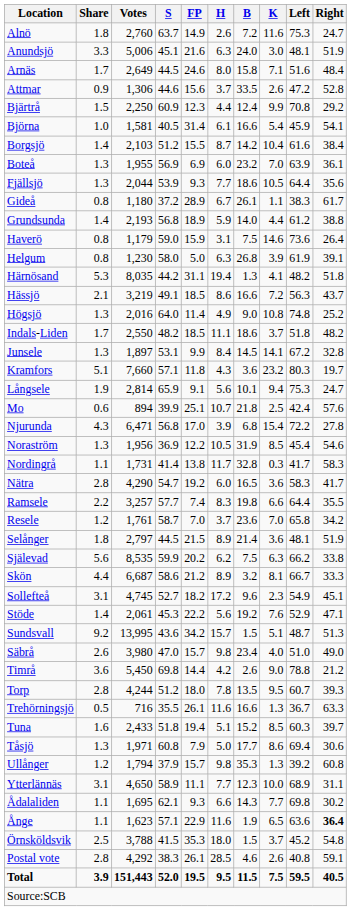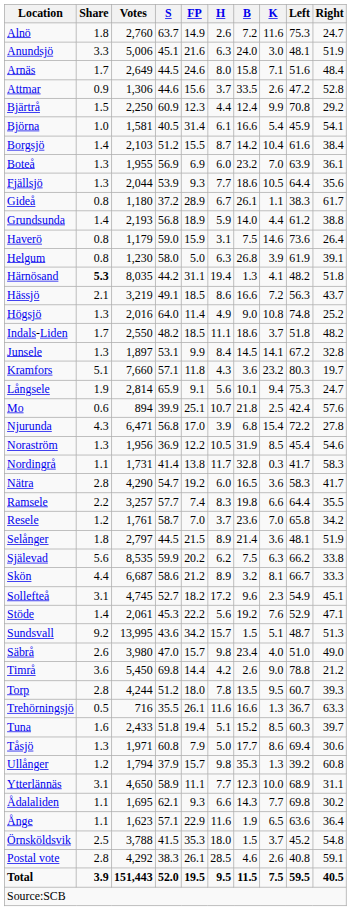 <table class="wikitable sortable" style=text-align:right>
 <tr>
 <th>Location</th>
 <th>Share</th>
 <th>Votes</th>
 <th><a href='#'>S</a></th>
 <th><a href='#'>FP</a></th>
 <th><a href='#'>H</a></th>
 <th><a href='#'>B</a></th>
 <th><a href='#'>K</a></th>
 <th>Left</th>
 <th>Right</th>
 </tr>
 <tr>
 <td align=left><a href='#'>Alnö</a></td>
 <td>1.8</td>
 <td>2,760</td>
 <td>63.7</td>
 <td>14.9</td>
 <td>2.6</td>
 <td>7.2</td>
 <td>11.6</td>
 <td>75.3</td>
 <td>24.7</td>
 </tr>
 <tr>
 <td align=left><a href='#'>Anundsjö</a></td>
 <td>3.3</td>
 <td>5,006</td>
 <td>45.1</td>
 <td>21.6</td>
 <td>6.3</td>
 <td>24.0</td>
 <td>3.0</td>
 <td>48.1</td>
 <td>51.9</td>
 </tr>
 <tr>
 <td align=left><a href='#'>Arnäs</a></td>
 <td>1.7</td>
 <td>2,649</td>
 <td>44.5</td>
 <td>24.6</td>
 <td>8.0</td>
 <td>15.8</td>
 <td>7.1</td>
 <td>51.6</td>
 <td>48.4</td>
 </tr>
 <tr>
 <td align=left><a href='#'>Attmar</a></td>
 <td>0.9</td>
 <td>1,306</td>
 <td>44.6</td>
 <td>15.6</td>
 <td>3.7</td>
 <td>33.5</td>
 <td>2.6</td>
 <td>47.2</td>
 <td>52.8</td>
 </tr>
 <tr>
 <td align=left><a href='#'>Bjärtrå</a></td>
 <td>1.5</td>
 <td>2,250</td>
 <td>60.9</td>
 <td>12.3</td>
 <td>4.4</td>
 <td>12.4</td>
 <td>9.9</td>
 <td>70.8</td>
 <td>29.2</td>
 </tr>
 <tr>
 <td align=left><a href='#'>Björna</a></td>
 <td>1.0</td>
 <td>1,581</td>
 <td>40.5</td>
 <td>31.4</td>
 <td>6.1</td>
 <td>16.6</td>
 <td>5.4</td>
 <td>45.9</td>
 <td>54.1</td>
 </tr>
 <tr>
 <td align=left><a href='#'>Borgsjö</a></td>
 <td>1.4</td>
 <td>2,103</td>
 <td>51.2</td>
 <td>15.5</td>
 <td>8.7</td>
 <td>14.2</td>
 <td>10.4</td>
 <td>61.6</td>
 <td>38.4</td>
 </tr>
 <tr>
 <td align=left><a href='#'>Boteå</a></td>
 <td>1.3</td>
 <td>1,955</td>
 <td>56.9</td>
 <td>6.9</td>
 <td>6.0</td>
 <td>23.2</td>
 <td>7.0</td>
 <td>63.9</td>
 <td>36.1</td>
 </tr>
 <tr>
 <td align=left><a href='#'>Fjällsjö</a></td>
 <td>1.3</td>
 <td>2,044</td>
 <td>53.9</td>
 <td>9.3</td>
 <td>7.7</td>
 <td>18.6</td>
 <td>10.5</td>
 <td>64.4</td>
 <td>35.6</td>
 </tr>
 <tr>
 <td align=left><a href='#'>Gideå</a></td>
 <td>0.8</td>
 <td>1,180</td>
 <td>37.2</td>
 <td>28.9</td>
 <td>6.7</td>
 <td>26.1</td>
 <td>1.1</td>
 <td>38.3</td>
 <td>61.7</td>
 </tr>
 <tr>
 <td align=left><a href='#'>Grundsunda</a></td>
 <td>1.4</td>
 <td>2,193</td>
 <td>56.8</td>
 <td>18.9</td>
 <td>5.9</td>
 <td>14.0</td>
 <td>4.4</td>
 <td>61.2</td>
 <td>38.8</td>
 </tr>
 <tr>
 <td align=left><a href='#'>Haverö</a></td>
 <td>0.8</td>
 <td>1,179</td>
 <td>59.0</td>
 <td>15.9</td>
 <td>3.1</td>
 <td>7.5</td>
 <td>14.6</td>
 <td>73.6</td>
 <td>26.4</td>
 </tr>
 <tr>
 <td align=left><a href='#'>Helgum</a></td>
 <td>0.8</td>
 <td>1,230</td>
 <td>58.0</td>
 <td>5.0</td>
 <td>6.3</td>
 <td>26.8</td>
 <td>3.9</td>
 <td>61.9</td>
 <td>39.1</td>
 </tr>
 <tr>
 <td align=left><a href='#'>Härnösand</a></td>
-<td>5.3</td>
+<td><strong>5.3</strong></td>
 <td>8,035</td>
 <td>44.2</td>
 <td>31.1</td>
 <td>19.4</td>
 <td>1.3</td>
 <td>4.1</td>
 <td>48.2</td>
 <td>51.8</td>
 </tr>
 <tr>
 <td align=left><a href='#'>Hässjö</a></td>
 <td>2.1</td>
 <td>3,219</td>
 <td>49.1</td>
 <td>18.5</td>
 <td>8.6</td>
 <td>16.6</td>
 <td>7.2</td>
 <td>56.3</td>
 <td>43.7</td>
 </tr>
 <tr>
 <td align=left><a href='#'>Högsjö</a></td>
 <td>1.3</td>
 <td>2,016</td>
 <td>64.0</td>
 <td>11.4</td>
 <td>4.9</td>
 <td>9.0</td>
 <td>10.8</td>
 <td>74.8</td>
 <td>25.2</td>
 </tr>
 <tr>
 <td align=left><a href='#'>Indals</a>-<a href='#'>Liden</a></td>
 <td>1.7</td>
 <td>2,550</td>
 <td>48.2</td>
 <td>18.5</td>
 <td>11.1</td>
 <td>18.6</td>
 <td>3.7</td>
 <td>51.8</td>
 <td>48.2</td>
 </tr>
 <tr>
 <td align=left><a href='#'>Junsele</a></td>
 <td>1.3</td>
 <td>1,897</td>
 <td>53.1</td>
 <td>9.9</td>
 <td>8.4</td>
 <td>14.5</td>
 <td>14.1</td>
 <td>67.2</td>
 <td>32.8</td>
 </tr>
 <tr>
 <td align=left><a href='#'>Kramfors</a></td>
 <td>5.1</td>
 <td>7,660</td>
 <td>57.1</td>
 <td>11.8</td>
 <td>4.3</td>
 <td>3.6</td>
 <td>23.2</td>
 <td>80.3</td>
 <td>19.7</td>
 </tr>
 <tr>
 <td align=left><a href='#'>Långsele</a></td>
 <td>1.9</td>
 <td>2,814</td>
 <td>65.9</td>
 <td>9.1</td>
 <td>5.6</td>
 <td>10.1</td>
 <td>9.4</td>
 <td>75.3</td>
 <td>24.7</td>
 </tr>
 <tr>
 <td align=left><a href='#'>Mo</a></td>
 <td>0.6</td>
 <td>894</td>
 <td>39.9</td>
 <td>25.1</td>
 <td>10.7</td>
 <td>21.8</td>
 <td>2.5</td>
 <td>42.4</td>
 <td>57.6</td>
 </tr>
 <tr>
 <td align=left><a href='#'>Njurunda</a></td>
 <td>4.3</td>
 <td>6,471</td>
 <td>56.8</td>
 <td>17.0</td>
 <td>3.9</td>
 <td>6.8</td>
 <td>15.4</td>
 <td>72.2</td>
 <td>27.8</td>
 </tr>
 <tr>
 <td align=left><a href='#'>Noraström</a></td>
 <td>1.3</td>
 <td>1,956</td>
 <td>36.9</td>
 <td>12.2</td>
 <td>10.5</td>
 <td>31.9</td>
 <td>8.5</td>
 <td>45.4</td>
 <td>54.6</td>
 </tr>
 <tr>
 <td align=left><a href='#'>Nordingrå</a></td>
 <td>1.1</td>
 <td>1,731</td>
 <td>41.4</td>
 <td>13.8</td>
 <td>11.7</td>
 <td>32.8</td>
 <td>0.3</td>
 <td>41.7</td>
 <td>58.3</td>
 </tr>
 <tr>
 <td align=left><a href='#'>Nätra</a></td>
 <td>2.8</td>
 <td>4,290</td>
 <td>54.7</td>
 <td>19.2</td>
 <td>6.0</td>
 <td>16.5</td>
 <td>3.6</td>
 <td>58.3</td>
 <td>41.7</td>
 </tr>
 <tr>
 <td align=left><a href='#'>Ramsele</a></td>
 <td>2.2</td>
 <td>3,257</td>
 <td>57.7</td>
 <td>7.4</td>
 <td>8.3</td>
 <td>19.8</td>
 <td>6.6</td>
 <td>64.4</td>
 <td>35.5</td>
 </tr>
 <tr>
 <td align=left><a href='#'>Resele</a></td>
 <td>1.2</td>
 <td>1,761</td>
 <td>58.7</td>
 <td>7.0</td>
 <td>3.7</td>
 <td>23.6</td>
 <td>7.0</td>
 <td>65.8</td>
 <td>34.2</td>
 </tr>
 <tr>
 <td align=left><a href='#'>Selånger</a></td>
 <td>1.8</td>
 <td>2,797</td>
 <td>44.5</td>
 <td>21.5</td>
 <td>8.9</td>
 <td>21.4</td>
 <td>3.6</td>
 <td>48.1</td>
 <td>51.9</td>
 </tr>
 <tr>
 <td align=left><a href='#'>Själevad</a></td>
 <td>5.6</td>
 <td>8,535</td>
 <td>59.9</td>
 <td>20.2</td>
 <td>6.2</td>
 <td>7.5</td>
 <td>6.3</td>
 <td>66.2</td>
 <td>33.8</td>
 </tr>
 <tr>
 <td align=left><a href='#'>Skön</a></td>
 <td>4.4</td>
 <td>6,687</td>
 <td>58.6</td>
 <td>21.2</td>
 <td>8.9</td>
 <td>3.2</td>
 <td>8.1</td>
 <td>66.7</td>
 <td>33.3</td>
 </tr>
 <tr>
 <td align=left><a href='#'>Sollefteå</a></td>
 <td>3.1</td>
 <td>4,745</td>
 <td>52.7</td>
 <td>18.2</td>
 <td>17.2</td>
 <td>9.6</td>
 <td>2.3</td>
 <td>54.9</td>
 <td>45.1</td>
 </tr>
 <tr>
 <td align=left><a href='#'>Stöde</a></td>
 <td>1.4</td>
 <td>2,061</td>
 <td>45.3</td>
 <td>22.2</td>
 <td>5.6</td>
 <td>19.2</td>
 <td>7.6</td>
 <td>52.9</td>
 <td>47.1</td>
 </tr>
 <tr>
 <td align=left><a href='#'>Sundsvall</a></td>
 <td>9.2</td>
 <td>13,995</td>
 <td>43.6</td>
 <td>34.2</td>
 <td>15.7</td>
 <td>1.5</td>
 <td>5.1</td>
 <td>48.7</td>
 <td>51.3</td>
 </tr>
 <tr>
 <td align=left><a href='#'>Säbrå</a></td>
 <td>2.6</td>
 <td>3,980</td>
 <td>47.0</td>
 <td>15.7</td>
 <td>9.8</td>
 <td>23.4</td>
 <td>4.0</td>
 <td>51.0</td>
 <td>49.0</td>
 </tr>
 <tr>
 <td align=left><a href='#'>Timrå</a></td>
 <td>3.6</td>
 <td>5,450</td>
 <td>69.8</td>
 <td>14.4</td>
 <td>4.2</td>
 <td>2.6</td>
 <td>9.0</td>
 <td>78.8</td>
 <td>21.2</td>
 </tr>
 <tr>
 <td align=left><a href='#'>Torp</a></td>
 <td>2.8</td>
 <td>4,244</td>
 <td>51.2</td>
 <td>18.0</td>
 <td>7.8</td>
 <td>13.5</td>
 <td>9.5</td>
 <td>60.7</td>
 <td>39.3</td>
 </tr>
 <tr>
 <td align=left><a href='#'>Trehörningsjö</a></td>
 <td>0.5</td>
 <td>716</td>
 <td>35.5</td>
 <td>26.1</td>
 <td>11.6</td>
 <td>16.6</td>
 <td>1.3</td>
 <td>36.7</td>
 <td>63.3</td>
 </tr>
 <tr>
 <td align=left><a href='#'>Tuna</a></td>
 <td>1.6</td>
 <td>2,433</td>
 <td>51.8</td>
 <td>19.4</td>
 <td>5.1</td>
 <td>15.2</td>
 <td>8.5</td>
 <td>60.3</td>
 <td>39.7</td>
 </tr>
 <tr>
 <td align=left><a href='#'>Tåsjö</a></td>
 <td>1.3</td>
 <td>1,971</td>
 <td>60.8</td>
 <td>7.9</td>
 <td>5.0</td>
 <td>17.7</td>
 <td>8.6</td>
 <td>69.4</td>
 <td>30.6</td>
 </tr>
 <tr>
 <td align=left><a href='#'>Ullånger</a></td>
 <td>1.2</td>
 <td>1,794</td>
 <td>37.9</td>
 <td>15.7</td>
 <td>9.8</td>
 <td>35.3</td>
 <td>1.3</td>
 <td>39.2</td>
 <td>60.8</td>
 </tr>
 <tr>
 <td align=left><a href='#'>Ytterlännäs</a></td>
 <td>3.1</td>
 <td>4,650</td>
 <td>58.9</td>
 <td>11.1</td>
 <td>7.7</td>
 <td>12.3</td>
 <td>10.0</td>
 <td>68.9</td>
 <td>31.1</td>
 </tr>
 <tr>
 <td align=left><a href='#'>Ådalaliden</a></td>
 <td>1.1</td>
 <td>1,695</td>
 <td>62.1</td>
 <td>9.3</td>
 <td>6.6</td>
 <td>14.3</td>
 <td>7.7</td>
 <td>69.8</td>
 <td>30.2</td>
 </tr>
 <tr>
 <td align=left><a href='#'>Ånge</a></td>
 <td>1.1</td>
 <td>1,623</td>
 <td>57.1</td>
 <td>22.9</td>
 <td>11.6</td>
 <td>1.9</td>
 <td>6.5</td>
 <td>63.6</td>
-<td><strong>36.4</strong></td>
+<td>36.4</td>
 </tr>
 <tr>
 <td align=left><a href='#'>Örnsköldsvik</a></td>
 <td>2.5</td>
 <td>3,788</td>
 <td>41.5</td>
 <td>35.3</td>
 <td>18.0</td>
 <td>1.5</td>
 <td>3.7</td>
 <td>45.2</td>
 <td>54.8</td>
 </tr>
 <tr>
 <td align=left><a href='#'>Postal vote</a></td>
 <td>2.8</td>
 <td>4,292</td>
 <td>38.3</td>
 <td>26.1</td>
 <td>28.5</td>
 <td>4.6</td>
 <td>2.6</td>
 <td>40.8</td>
 <td>59.1</td>
 </tr>
 <tr>
 <td align=left><strong>Total</strong></td>
 <td><strong>3.9</strong></td>
 <td><strong>151,443</strong></td>
 <td><strong>52.0</strong></td>
 <td><strong>19.5</strong></td>
 <td><strong>9.5</strong></td>
 <td><strong>11.5</strong></td>
 <td><strong>7.5</strong></td>
 <td><strong>59.5</strong></td>
 <td><strong>40.5</strong></td>
 </tr>
 <tr>
 <td align=left colspan=10>Source:SCB </td>
 </tr>
 </table>
